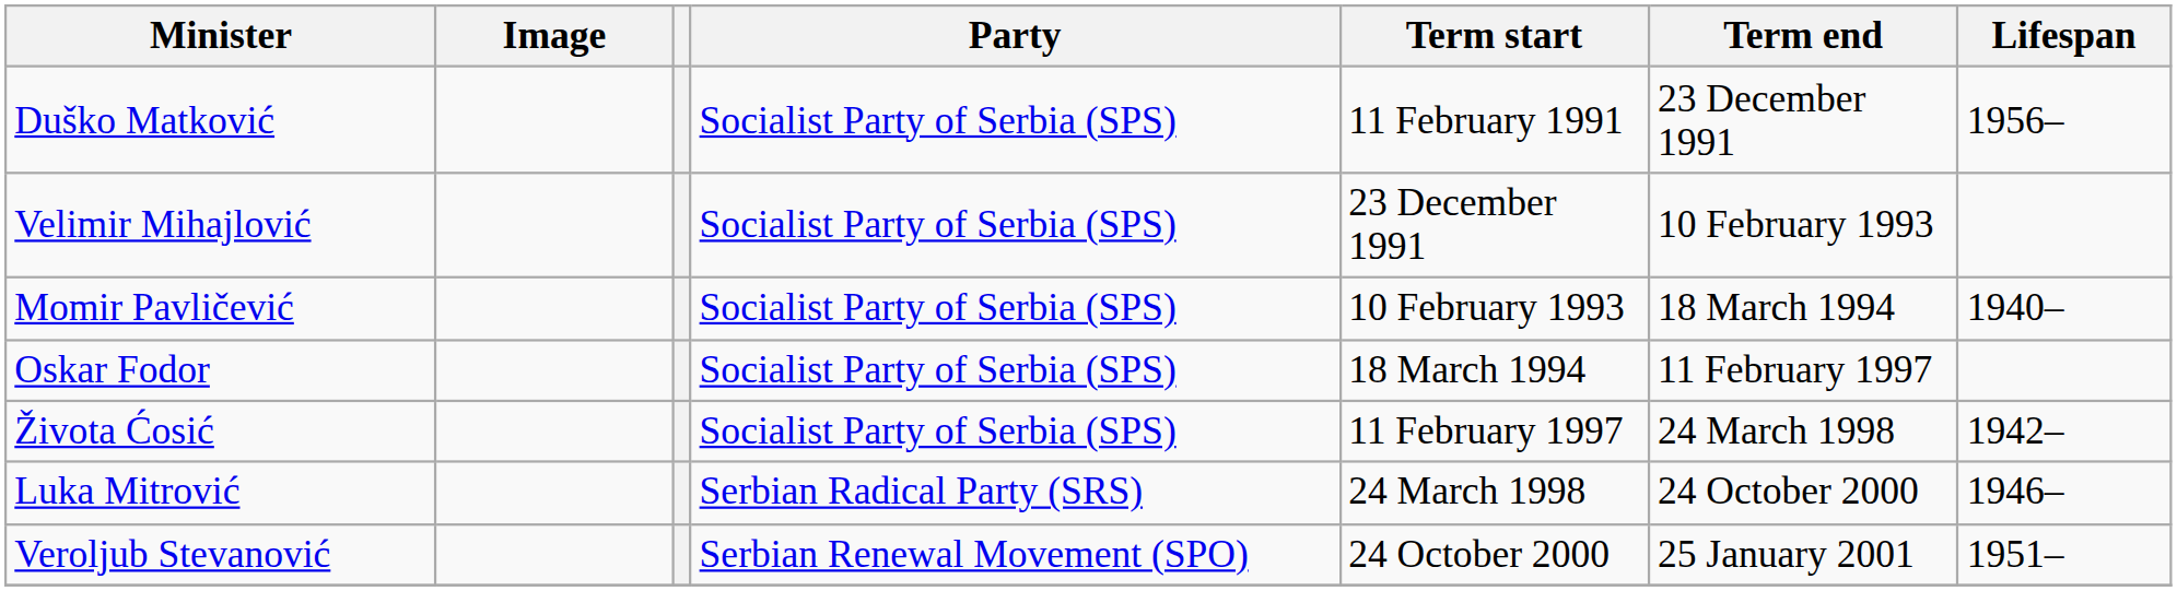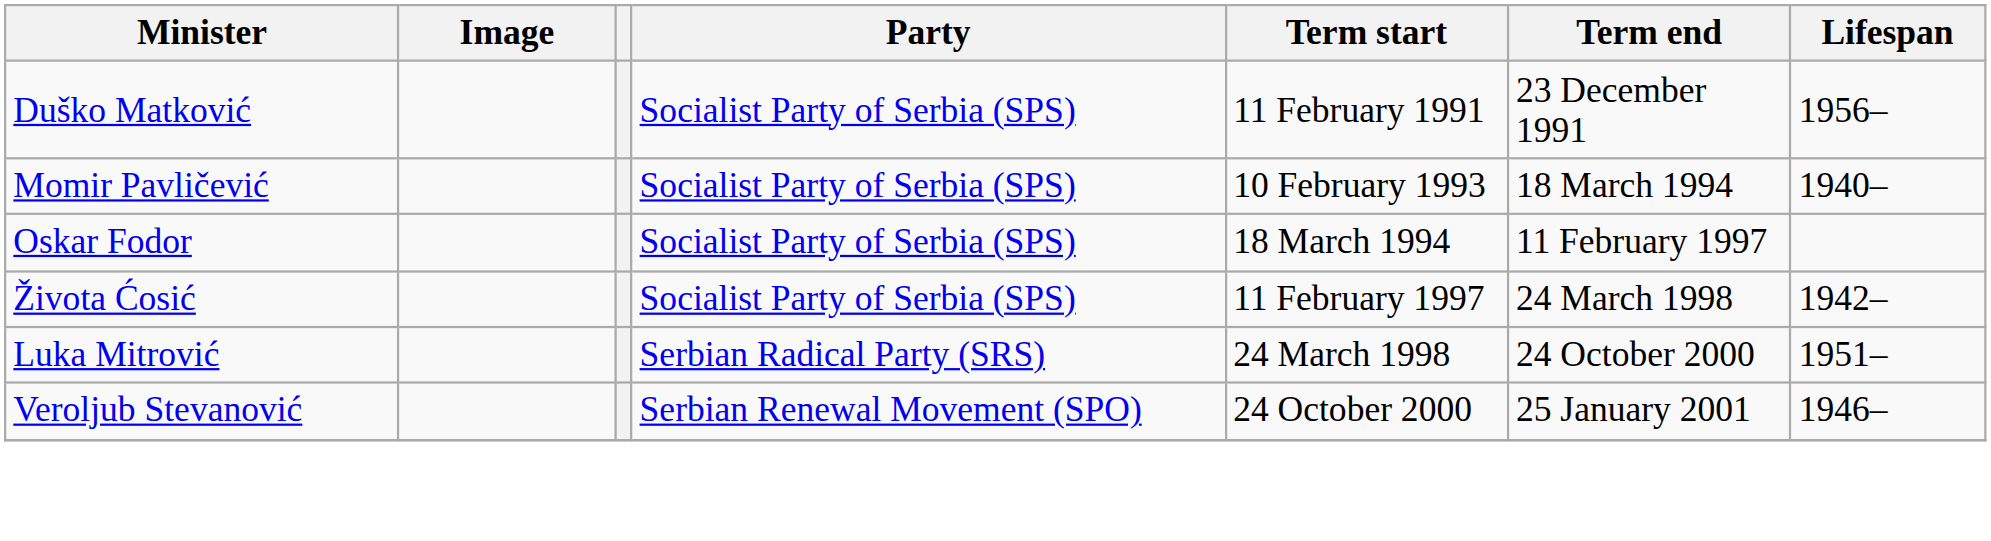 <table class="wikitable" style="text-align: left;">
 <tr>
 <th width="170">Minister</th>
 <th width="90">Image</th>
 <th></th>
 <th width="260">Party</th>
 <th width="120">Term start</th>
 <th width="120">Term end</th>
 <th width="80">Lifespan</th>
 </tr>
 <tr>
 <td><a href='#'>Duško Matković</a></td>
 <td></td>
 <th style="background:"></th>
 <td><a href='#'>Socialist Party of Serbia (SPS)</a></td>
 <td>11 February 1991</td>
 <td>23 December 1991</td>
 <td>1956–</td>
-</tr>
-<tr>
-<td><a href='#'>Velimir Mihajlović</a></td>
-<td></td>
-<th style="background:"></th>
-<td><a href='#'>Socialist Party of Serbia (SPS)</a></td>
-<td>23 December 1991</td>
-<td>10 February 1993</td>
-<td></td>
 </tr>
 <tr>
 <td><a href='#'>Momir Pavličević</a></td>
 <td></td>
 <th style="background:"></th>
 <td><a href='#'>Socialist Party of Serbia (SPS)</a></td>
 <td>10 February 1993</td>
 <td>18 March 1994</td>
 <td>1940–</td>
 </tr>
 <tr>
 <td><a href='#'>Oskar Fodor</a></td>
 <td></td>
 <th style="background:"></th>
 <td><a href='#'>Socialist Party of Serbia (SPS)</a></td>
 <td>18 March 1994</td>
 <td>11 February 1997</td>
 <td></td>
 </tr>
 <tr>
 <td><a href='#'>Života Ćosić</a></td>
 <td></td>
 <th style="background:"></th>
 <td><a href='#'>Socialist Party of Serbia (SPS)</a></td>
 <td>11 February 1997</td>
 <td>24 March 1998</td>
 <td>1942–</td>
 </tr>
 <tr>
 <td><a href='#'>Luka Mitrović</a></td>
 <td></td>
 <th style="background:"></th>
 <td><a href='#'>Serbian Radical Party (SRS)</a></td>
 <td>24 March 1998</td>
 <td>24 October 2000</td>
-<td>1946–</td>
+<td>1951–</td>
 </tr>
 <tr>
 <td><a href='#'>Veroljub Stevanović</a></td>
 <td></td>
 <th style="background:"></th>
 <td><a href='#'>Serbian Renewal Movement (SPO)</a></td>
 <td>24 October 2000</td>
 <td>25 January 2001</td>
-<td>1951–</td>
+<td>1946–</td>
 </tr>
 <tr>
 </tr>
 </table>
